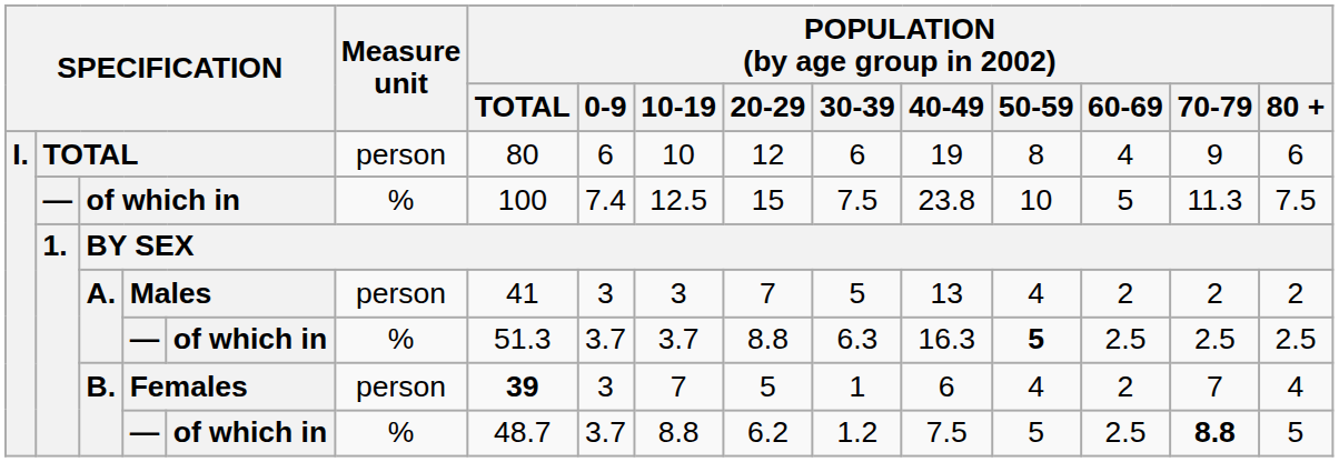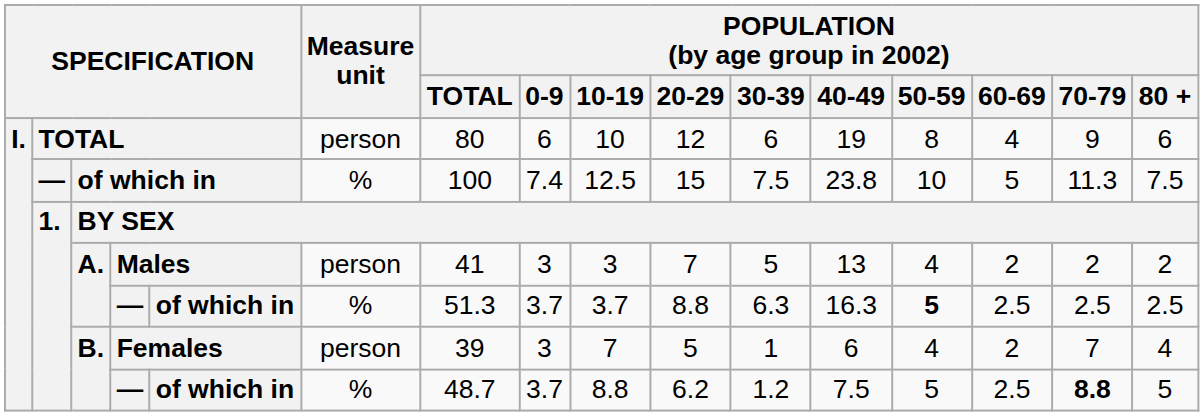 <table class="wikitable" style="font-size:85%; text-align:center">
 <tr>
 <th rowspan="2" colspan="5">SPECIFICATION</th>
 <th rowspan="2">Measure<br> unit</th>
 <th colspan="10" rowspan="1">POPULATION<br> (by age group in 2002)</th>
 </tr>
 <tr>
 <th>TOTAL</th>
 <th>0-9</th>
 <th>10-19</th>
 <th>20-29</th>
 <th>30-39</th>
 <th>40-49</th>
 <th>50-59</th>
 <th>60-69</th>
 <th>70-79</th>
 <th>80 +</th>
 </tr>
 <tr>
 <th style="text-align:left" valign="top" rowspan="7">I.</th>
 <th style="text-align:left" colspan="4">TOTAL</th>
 <td>person</td>
 <td>80</td>
 <td>6</td>
 <td>10</td>
 <td>12</td>
 <td>6</td>
 <td>19</td>
 <td>8</td>
 <td>4</td>
 <td>9</td>
 <td>6</td>
 </tr>
 <tr>
 <th style="text-align:left" valign="top">—</th>
 <th style="text-align:left" colspan="3">of which in</th>
 <td>%</td>
 <td>100</td>
 <td>7.4</td>
 <td>12.5</td>
 <td>15</td>
 <td>7.5</td>
 <td>23.8</td>
 <td>10</td>
 <td>5</td>
 <td>11.3</td>
 <td>7.5</td>
 </tr>
 <tr>
 <th style="text-align:left" valign="top" rowspan="5">1.</th>
 <th style="text-align:left" colspan="14">BY SEX</th>
 </tr>
 <tr>
 <th style="text-align:left" valign="top" rowspan="2">A.</th>
 <th style="text-align:left" colspan="2">Males</th>
 <td>person</td>
 <td>41</td>
 <td>3</td>
 <td>3</td>
 <td>7</td>
 <td>5</td>
 <td>13</td>
 <td>4</td>
 <td>2</td>
 <td>2</td>
 <td>2</td>
 </tr>
 <tr>
 <th style="text-align:left" valign="top">—</th>
 <th style="text-align:left" colspan="1">of which in</th>
 <td>%</td>
 <td>51.3</td>
 <td>3.7</td>
 <td>3.7</td>
 <td>8.8</td>
 <td>6.3</td>
 <td>16.3</td>
 <td><strong>5</strong></td>
 <td>2.5</td>
 <td>2.5</td>
 <td>2.5</td>
 </tr>
 <tr>
 <th style="text-align:left" valign="top" rowspan="2">B.</th>
 <th style="text-align:left" colspan="2">Females</th>
 <td>person</td>
-<td><strong>39</strong></td>
+<td>39</td>
 <td>3</td>
 <td>7</td>
 <td>5</td>
 <td>1</td>
 <td>6</td>
 <td>4</td>
 <td>2</td>
 <td>7</td>
 <td>4</td>
 </tr>
 <tr>
 <th style="text-align:left" valign="top">—</th>
 <th style="text-align:left" colspan="1">of which in</th>
 <td>%</td>
 <td>48.7</td>
 <td>3.7</td>
 <td>8.8</td>
 <td>6.2</td>
 <td>1.2</td>
 <td>7.5</td>
 <td>5</td>
 <td>2.5</td>
 <td><strong>8.8</strong></td>
 <td>5</td>
 </tr>
 </table>
